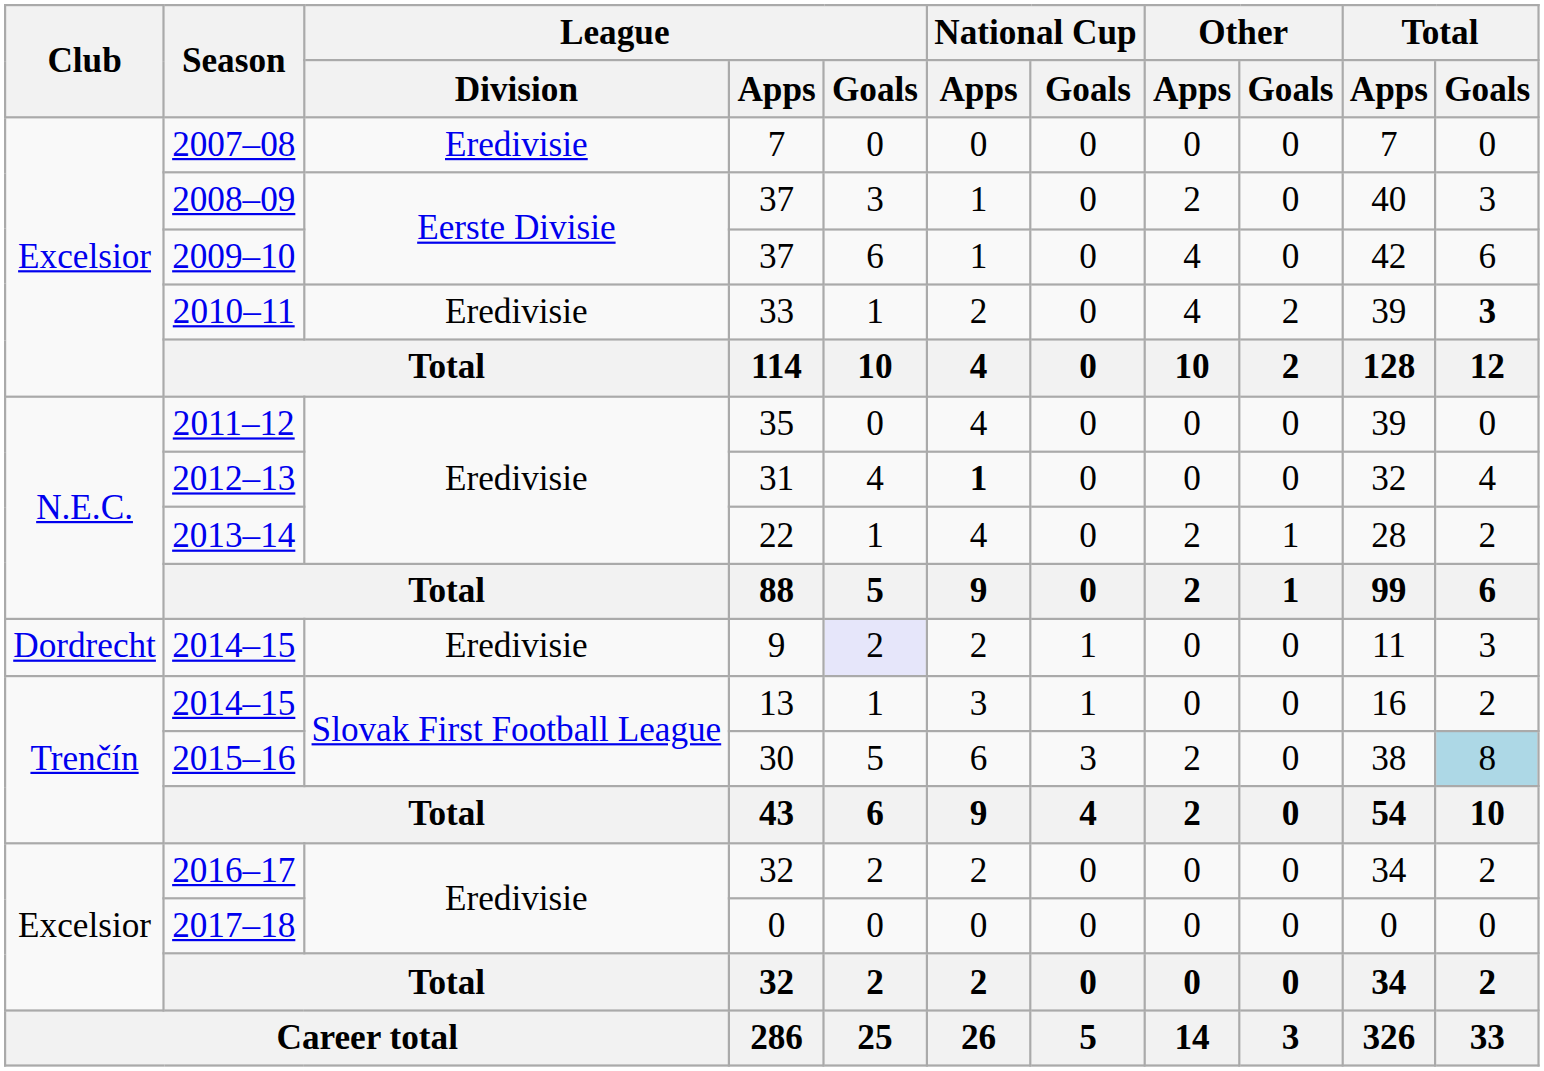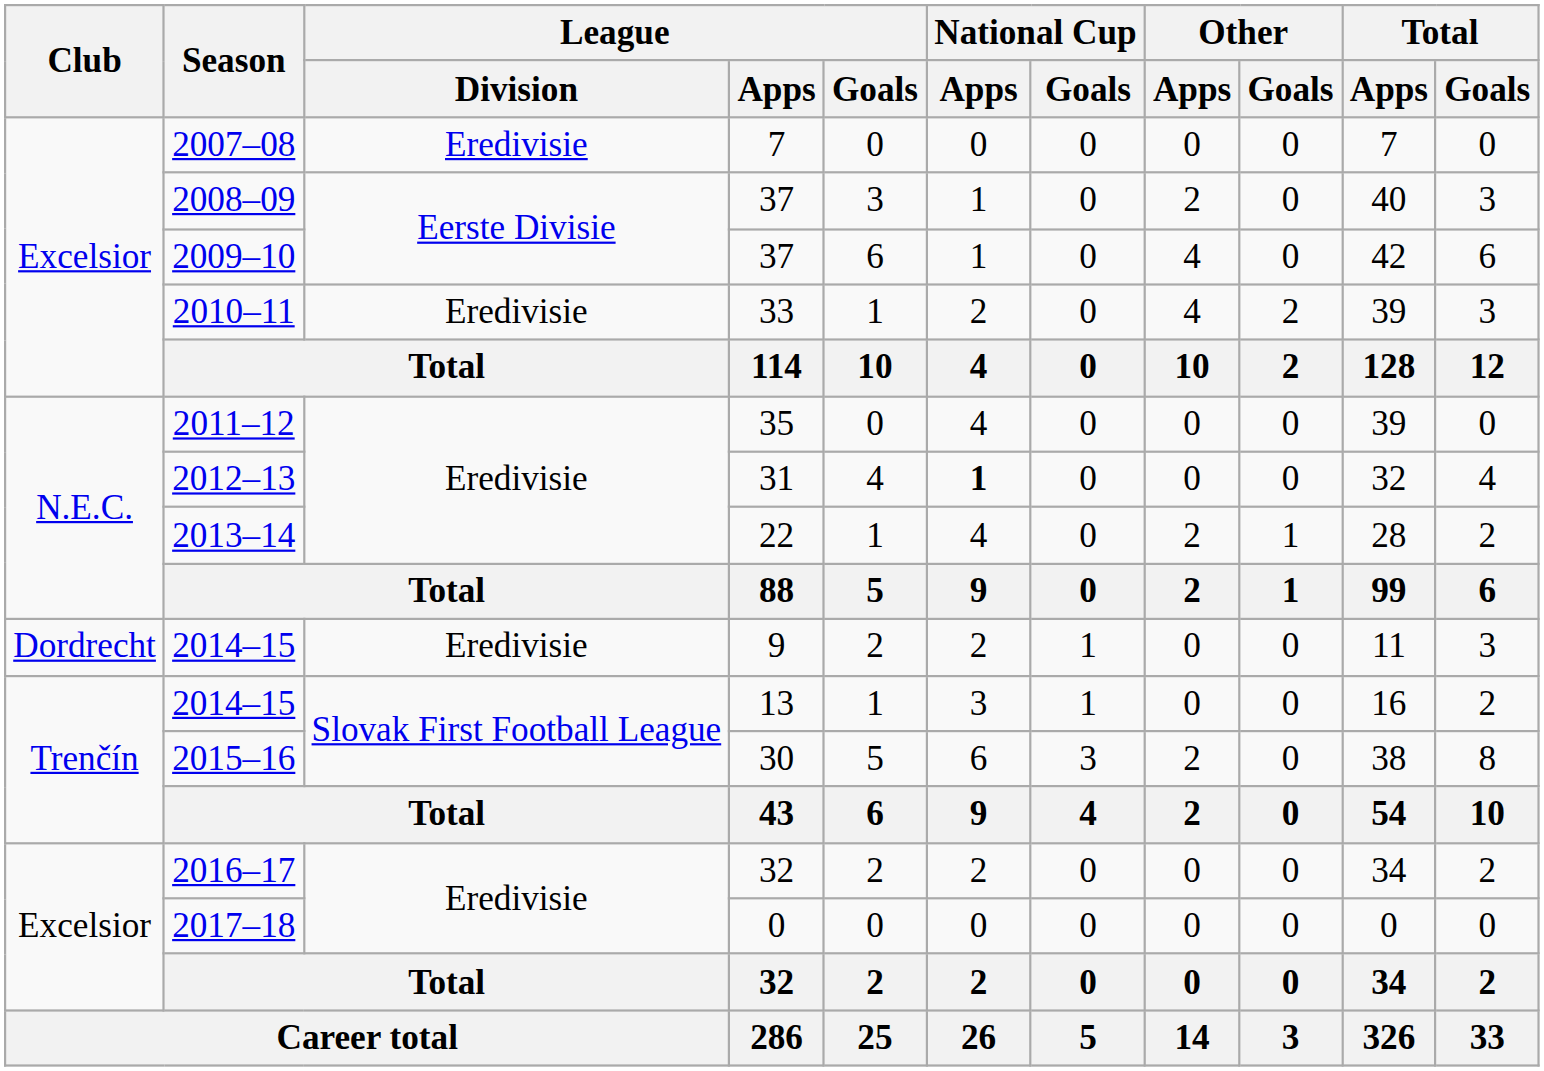 <table class="wikitable" style="text-align:center">
 <tr>
 <th rowspan="2">Club</th>
 <th rowspan="2">Season</th>
 <th colspan="3">League</th>
 <th colspan="2">National Cup</th>
 <th colspan="2">Other</th>
 <th colspan="2">Total</th>
 </tr>
 <tr>
 <th>Division</th>
 <th>Apps</th>
 <th>Goals</th>
 <th>Apps</th>
 <th>Goals</th>
 <th>Apps</th>
 <th>Goals</th>
 <th>Apps</th>
 <th>Goals</th>
 </tr>
 <tr>
 <td rowspan="5"><a href='#'>Excelsior</a></td>
 <td><a href='#'>2007–08</a></td>
 <td><a href='#'>Eredivisie</a></td>
 <td>7</td>
 <td>0</td>
 <td>0</td>
 <td>0</td>
 <td>0</td>
 <td>0</td>
 <td>7</td>
 <td>0</td>
 </tr>
 <tr>
 <td><a href='#'>2008–09</a></td>
 <td rowspan="2"><a href='#'>Eerste Divisie</a></td>
 <td>37</td>
 <td>3</td>
 <td>1</td>
 <td>0</td>
 <td>2</td>
 <td>0</td>
 <td>40</td>
 <td>3</td>
 </tr>
 <tr>
 <td><a href='#'>2009–10</a></td>
 <td>37</td>
 <td>6</td>
 <td>1</td>
 <td>0</td>
 <td>4</td>
 <td>0</td>
 <td>42</td>
 <td>6</td>
 </tr>
 <tr>
 <td><a href='#'>2010–11</a></td>
 <td>Eredivisie</td>
 <td>33</td>
 <td>1</td>
 <td>2</td>
 <td>0</td>
 <td>4</td>
 <td>2</td>
 <td>39</td>
-<td><strong>3</strong></td>
+<td>3</td>
 </tr>
 <tr>
 <th colspan="2">Total</th>
 <th>114</th>
 <th>10</th>
 <th>4</th>
 <th>0</th>
 <th>10</th>
 <th>2</th>
 <th>128</th>
 <th>12</th>
 </tr>
 <tr>
 <td rowspan="4"><a href='#'>N.E.C.</a></td>
 <td><a href='#'>2011–12</a></td>
 <td rowspan="3">Eredivisie</td>
 <td>35</td>
 <td>0</td>
 <td>4</td>
 <td>0</td>
 <td>0</td>
 <td>0</td>
 <td>39</td>
 <td>0</td>
 </tr>
 <tr>
 <td><a href='#'>2012–13</a></td>
 <td>31</td>
 <td>4</td>
 <td><strong>1</strong></td>
 <td>0</td>
 <td>0</td>
 <td>0</td>
 <td>32</td>
 <td>4</td>
 </tr>
 <tr>
 <td><a href='#'>2013–14</a></td>
 <td>22</td>
 <td>1</td>
 <td>4</td>
 <td>0</td>
 <td>2</td>
 <td>1</td>
 <td>28</td>
 <td>2</td>
 </tr>
 <tr>
 <th colspan="2">Total</th>
 <th>88</th>
 <th>5</th>
 <th>9</th>
 <th>0</th>
 <th>2</th>
 <th>1</th>
 <th>99</th>
 <th>6</th>
 </tr>
 <tr>
 <td><a href='#'>Dordrecht</a></td>
 <td><a href='#'>2014–15</a></td>
 <td>Eredivisie</td>
 <td>9</td>
-<td style="background: lavender;">2</td>
+<td>2</td>
 <td>2</td>
 <td>1</td>
 <td>0</td>
 <td>0</td>
 <td>11</td>
 <td>3</td>
 </tr>
 <tr>
 <td rowspan="3"><a href='#'>Trenčín</a></td>
 <td><a href='#'>2014–15</a></td>
 <td rowspan="2"><a href='#'>Slovak First Football League</a></td>
 <td>13</td>
 <td>1</td>
 <td>3</td>
 <td>1</td>
 <td>0</td>
 <td>0</td>
 <td>16</td>
 <td>2</td>
 </tr>
 <tr>
 <td><a href='#'>2015–16</a></td>
 <td>30</td>
 <td>5</td>
 <td>6</td>
 <td>3</td>
 <td>2</td>
 <td>0</td>
 <td>38</td>
-<td style="background: lightblue;">8</td>
+<td>8</td>
 </tr>
 <tr>
 <th colspan="2">Total</th>
 <th>43</th>
 <th>6</th>
 <th>9</th>
 <th>4</th>
 <th>2</th>
 <th>0</th>
 <th>54</th>
 <th>10</th>
 </tr>
 <tr>
 <td rowspan="3">Excelsior</td>
 <td><a href='#'>2016–17</a></td>
 <td rowspan="2">Eredivisie</td>
 <td>32</td>
 <td>2</td>
 <td>2</td>
 <td>0</td>
 <td>0</td>
 <td>0</td>
 <td>34</td>
 <td>2</td>
 </tr>
 <tr>
 <td><a href='#'>2017–18</a></td>
 <td>0</td>
 <td>0</td>
 <td>0</td>
 <td>0</td>
 <td>0</td>
 <td>0</td>
 <td>0</td>
 <td>0</td>
 </tr>
 <tr>
 <th colspan="2">Total</th>
 <th>32</th>
 <th>2</th>
 <th>2</th>
 <th>0</th>
 <th>0</th>
 <th>0</th>
 <th>34</th>
 <th>2</th>
 </tr>
 <tr>
 <th colspan="3">Career total</th>
 <th>286</th>
 <th>25</th>
 <th>26</th>
 <th>5</th>
 <th>14</th>
 <th>3</th>
 <th>326</th>
 <th>33</th>
 </tr>
 </table>
